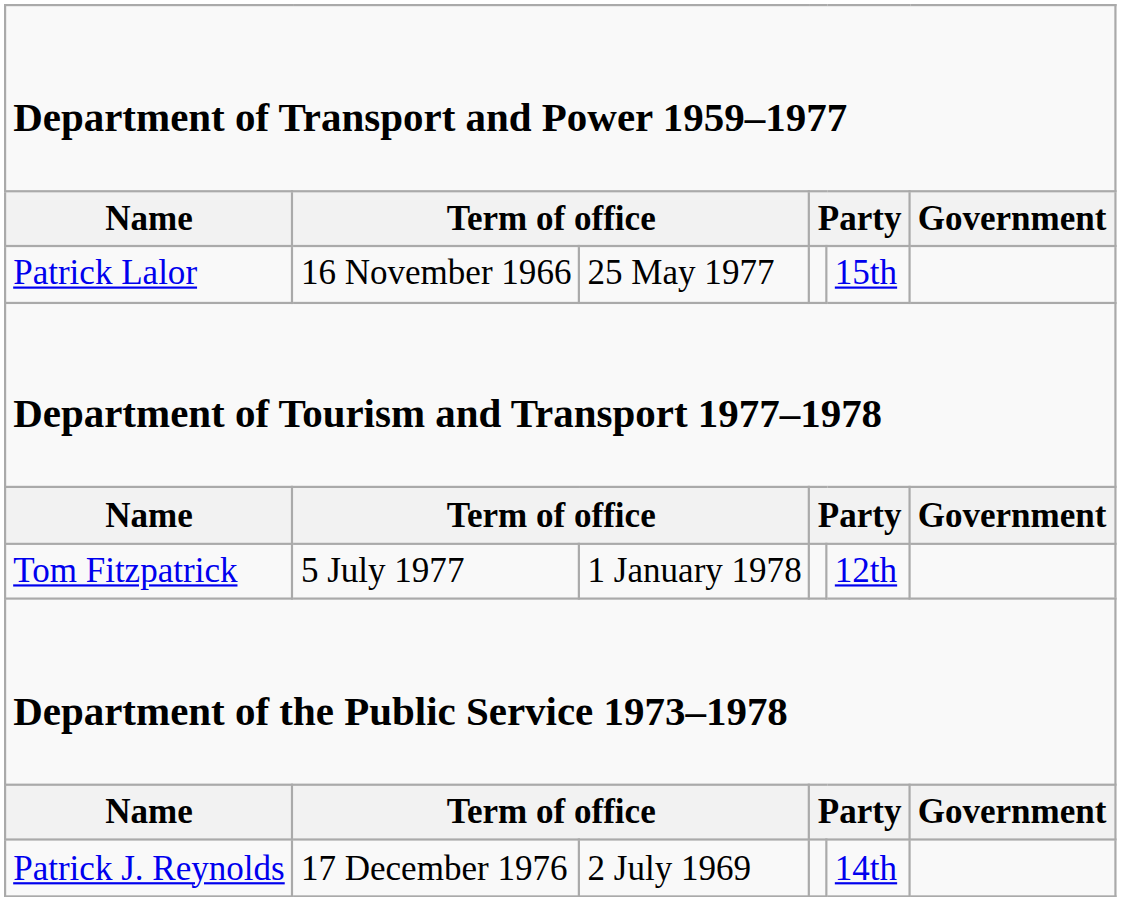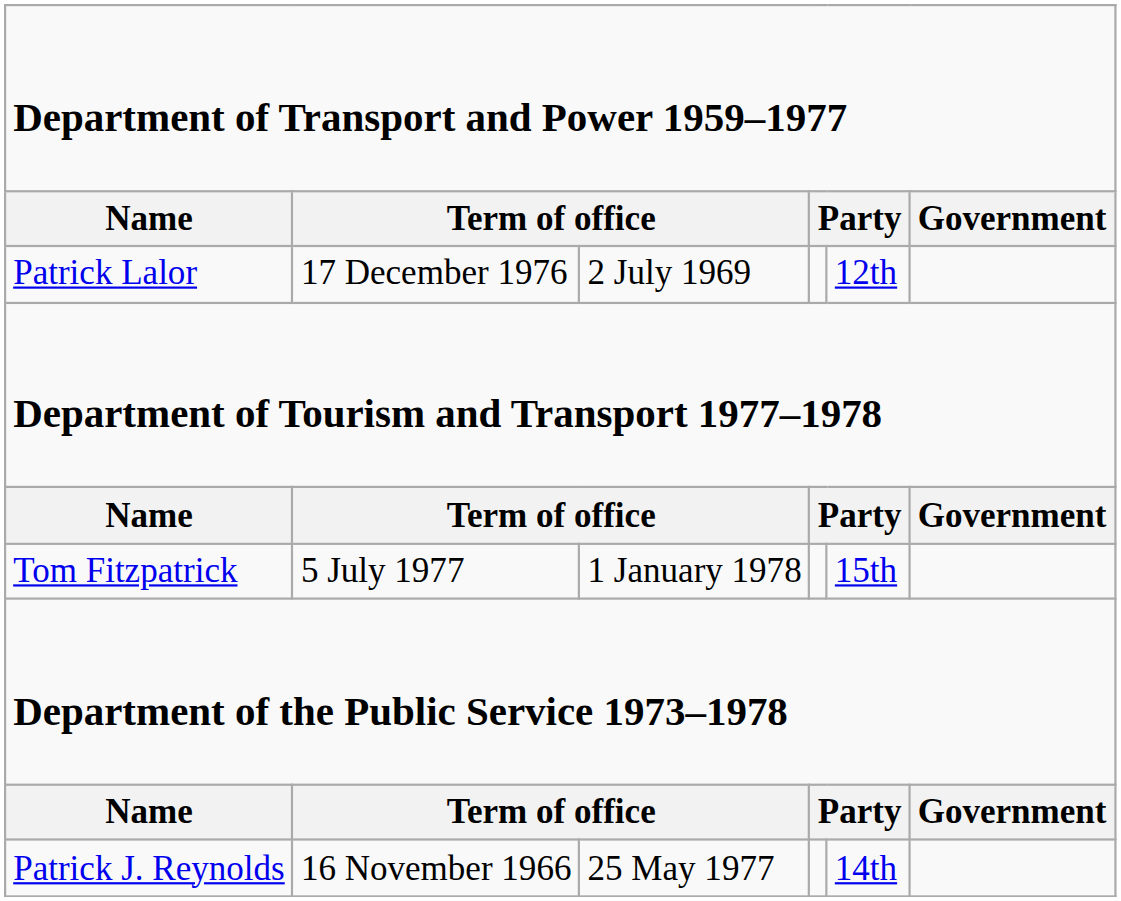 <table class="wikitable">
 <tr>
 <td colspan=6><br><h3>Department of Transport and Power 1959–1977</h3></td>
 </tr>
 <tr>
 <th>Name</th>
 <th colspan=2>Term of office</th>
 <th colspan=2>Party</th>
 <th>Government</th>
 </tr>
 <tr>
 <td><a href='#'>Patrick Lalor</a></td>
-<td>16 November 1966</td>
-<td>25 May 1977</td>
+<td>17 December 1976</td>
+<td>2 July 1969</td>
 <td></td>
-<td><a href='#'>15th</a></td>
+<td><a href='#'>12th</a></td>
 </tr>
 <tr>
 <td colspan=6><br><h3>Department of Tourism and Transport 1977–1978</h3></td>
 </tr>
 <tr>
 <th>Name</th>
 <th colspan=2>Term of office</th>
 <th colspan=2>Party</th>
 <th>Government</th>
 </tr>
 <tr>
 <td><a href='#'>Tom Fitzpatrick</a></td>
 <td>5 July 1977</td>
 <td>1 January 1978</td>
 <td></td>
-<td><a href='#'>12th</a></td>
+<td><a href='#'>15th</a></td>
 </tr>
 <tr>
 <td colspan=6><br><h3>Department of the Public Service 1973–1978</h3></td>
 </tr>
 <tr>
 <th>Name</th>
 <th colspan=2>Term of office</th>
 <th colspan=2>Party</th>
 <th>Government</th>
 </tr>
 <tr>
 <td><a href='#'>Patrick J. Reynolds</a></td>
-<td>17 December 1976</td>
-<td>2 July 1969</td>
+<td>16 November 1966</td>
+<td>25 May 1977</td>
 <td></td>
 <td><a href='#'>14th</a></td>
 </tr>
 </table>
